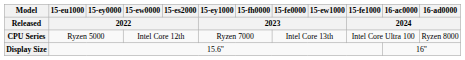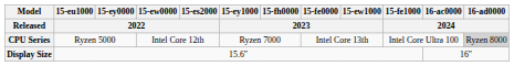 <table class="wikitable" style="font-size:80%; text-align:center">
 <tr>
 <th>Model</th>
 <th>15-eu1000</th>
 <th>15-ey0000</th>
 <th>15-ew0000</th>
 <th>15-es2000</th>
 <th>15-ey1000</th>
 <th>15-fh0000</th>
 <th>15-fe0000</th>
 <th>15-ew1000</th>
 <th>15-fe1000</th>
 <th>16-ac0000</th>
 <th>16-ad0000</th>
 </tr>
 <tr>
 <th>Released</th>
 <th colspan="4">2022</th>
 <th colspan="4">2023</th>
 <th colspan="3">2024</th>
 </tr>
 <tr>
 <th>CPU Series</th>
 <td colspan="2">Ryzen 5000</td>
 <td colspan="2">Intel Core 12th</td>
 <td colspan="2">Ryzen 7000</td>
 <td colspan="2">Intel Core 13th</td>
 <td colspan="2">Intel Core Ultra 100</td>
-<td>Ryzen 8000</td>
+<td style="background: lightgrey;">Ryzen 8000</td>
 </tr>
 <tr>
 <th>Display Size</th>
 <td colspan="9">15.6"</td>
 <td colspan="2">16"</td>
 </tr>
 </table>
